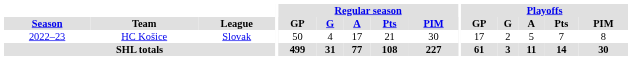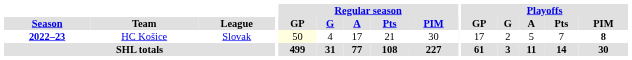 <table border="0" cellpadding="1" cellspacing="0" style="text-align:center; width:60em">
 <tr bgcolor="#e0e0e0">
 <th colspan="3" bgcolor="#ffffff"></th>
 <th rowspan="99" bgcolor="#ffffff"></th>
 <th colspan="5"><a href='#'>Regular season</a></th>
 <th rowspan="99" bgcolor="#ffffff"></th>
 <th colspan="5"><a href='#'>Playoffs</a></th>
 </tr>
 <tr bgcolor="#e0e0e0">
 <th><a href='#'>Season</a></th>
 <th>Team</th>
 <th>League</th>
 <th>GP</th>
 <th><a href='#'>G</a></th>
 <th><a href='#'>A</a></th>
 <th><a href='#'>Pts</a></th>
 <th><a href='#'>PIM</a></th>
 <th>GP</th>
 <th>G</th>
 <th>A</th>
 <th>Pts</th>
 <th>PIM</th>
 </tr>
 <tr>
-<td><a href='#'>2022–23</a></td>
+<td><strong><a href='#'>2022–23</a></strong></td>
 <td><a href='#'>HC Košice</a></td>
 <td><a href='#'>Slovak</a></td>
-<td>50</td>
+<td style="background: lightyellow;">50</td>
 <td>4</td>
 <td>17</td>
 <td>21</td>
 <td>30</td>
 <td>17</td>
 <td>2</td>
 <td>5</td>
 <td>7</td>
-<td>8</td>
+<td><strong>8</strong></td>
 </tr>
 <tr bgcolor="#e0e0e0">
 <th colspan="3">SHL totals</th>
 <th>499</th>
 <th>31</th>
 <th>77</th>
 <th>108</th>
 <th>227</th>
 <th>61</th>
 <th>3</th>
 <th>11</th>
 <th>14</th>
 <th>30</th>
 </tr>
 </table>
